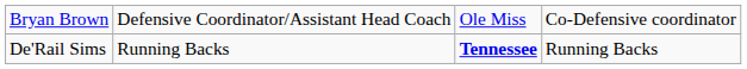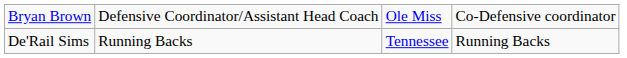 <table class="wikitable">
 <tr>
 <td><a href='#'>Bryan Brown</a></td>
 <td>Defensive Coordinator/Assistant Head Coach</td>
 <td><a href='#'>Ole Miss</a></td>
 <td>Co-Defensive coordinator</td>
 </tr>
 <tr>
 <td>De'Rail Sims </td>
 <td>Running Backs</td>
-<td><strong><a href='#'>Tennessee</a></strong></td>
+<td><a href='#'>Tennessee</a></td>
 <td>Running Backs</td>
 </tr>
 </table>
